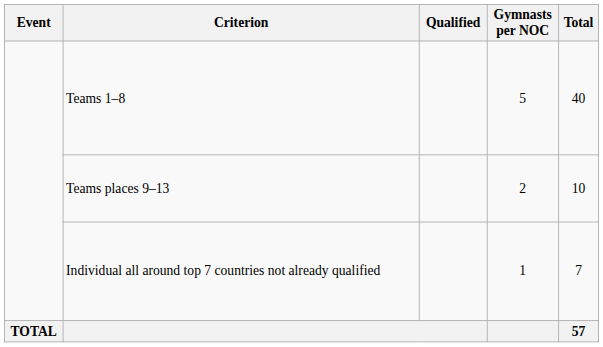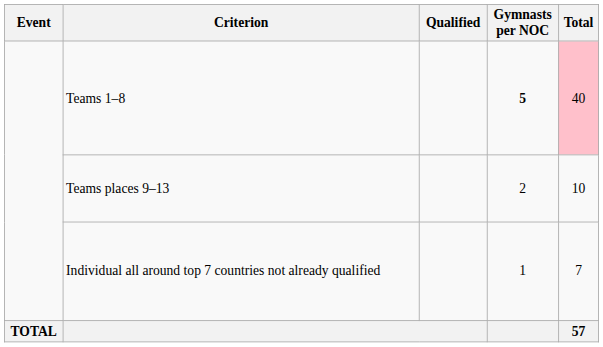 <table class="wikitable" width=700>
 <tr>
 <th>Event</th>
 <th>Criterion</th>
 <th>Qualified</th>
 <th>Gymnasts<br> per NOC</th>
 <th>Total</th>
 </tr>
 <tr>
 <td rowspan="3"></td>
 <td>Teams 1–8</td>
 <td><br><br><br><br><br><br><br></td>
-<td align="center">5</td>
-<td align="center">40</td>
+<td align="center"><strong>5</strong></td>
+<td align="center" style="background: pink;">40</td>
 </tr>
 <tr>
 <td>Teams places 9–13</td>
 <td><br><br><br><br></td>
 <td align="center">2</td>
 <td align="center">10</td>
 </tr>
 <tr>
 <td>Individual all around top 7 countries not already qualified</td>
 <td><br><br><br><br><br><br></td>
 <td align="center">1</td>
 <td align="center">7</td>
 </tr>
 <tr>
 <th>TOTAL</th>
 <th colspan="2"></th>
 <th></th>
 <th>57</th>
 </tr>
 </table>
